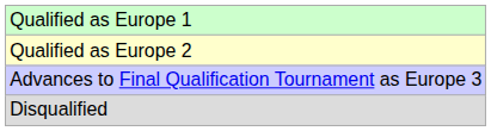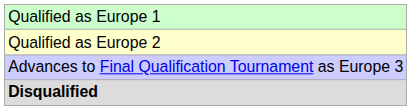 <table class="wikitable">
 <tr width=10px bgcolor="#CCFFCC">
 <td>Qualified as Europe 1</td>
 </tr>
 <tr width=10px bgcolor="#FFFFCC">
 <td>Qualified as Europe 2</td>
 </tr>
 <tr width=10px bgcolor="#CCCCFF">
 <td>Advances to <a href='#'>Final Qualification Tournament</a> as Europe 3</td>
 </tr>
 <tr width=10px bgcolor="#DCDCDC">
-<td>Disqualified</td>
+<td><strong>Disqualified</strong></td>
 </tr>
 </table>
